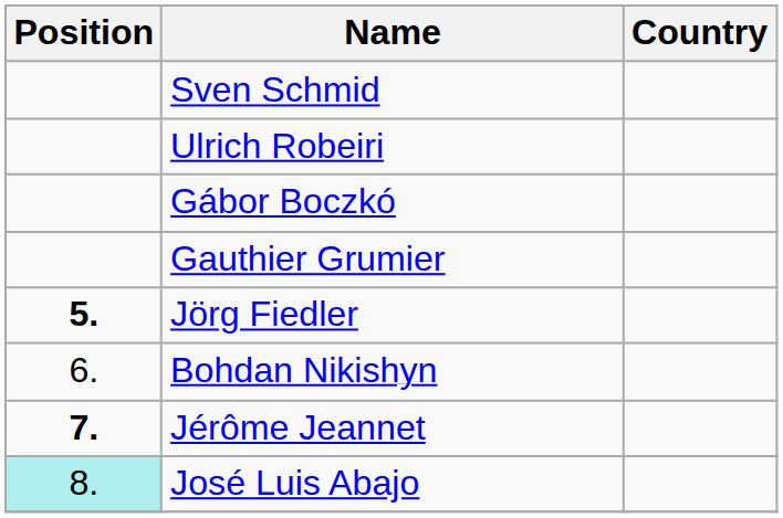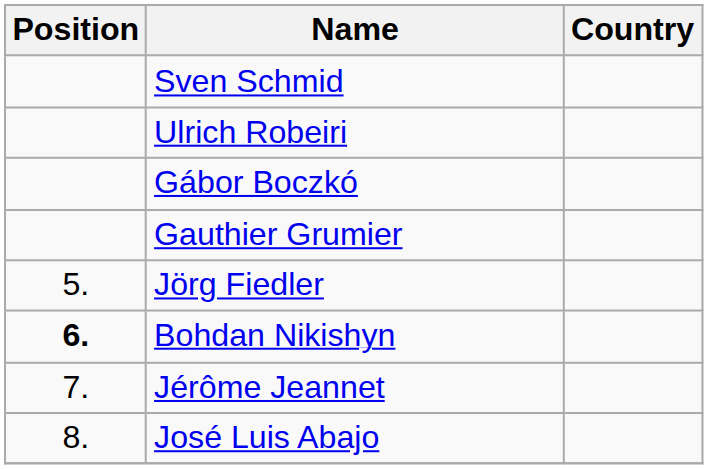 <table class="wikitable">
 <tr>
 <th width="20">Position</th>
 <th width="200">Name</th>
 <th>Country</th>
 </tr>
 <tr>
 <td align="center"></td>
 <td><a href='#'>Sven Schmid</a></td>
 <td></td>
 </tr>
 <tr>
 <td align="center"></td>
 <td><a href='#'>Ulrich Robeiri</a></td>
 <td></td>
 </tr>
 <tr>
 <td align="center"></td>
 <td><a href='#'>Gábor Boczkó</a></td>
 <td></td>
 </tr>
 <tr>
 <td align="center"></td>
 <td><a href='#'>Gauthier Grumier</a></td>
 <td></td>
 </tr>
 <tr>
-<td align="center"><strong>5.</strong></td>
+<td align="center">5.</td>
 <td><a href='#'>Jörg Fiedler</a></td>
 <td></td>
 </tr>
 <tr>
-<td align="center">6.</td>
+<td align="center"><strong>6.</strong></td>
 <td><a href='#'>Bohdan Nikishyn</a></td>
 <td></td>
 </tr>
 <tr>
-<td align="center"><strong>7.</strong></td>
+<td align="center">7.</td>
 <td><a href='#'>Jérôme Jeannet</a></td>
 <td></td>
 </tr>
 <tr>
-<td align="center" style="background: paleturquoise;">8.</td>
+<td align="center">8.</td>
 <td><a href='#'>José Luis Abajo</a></td>
 <td></td>
 </tr>
 <tr>
 </tr>
 </table>
